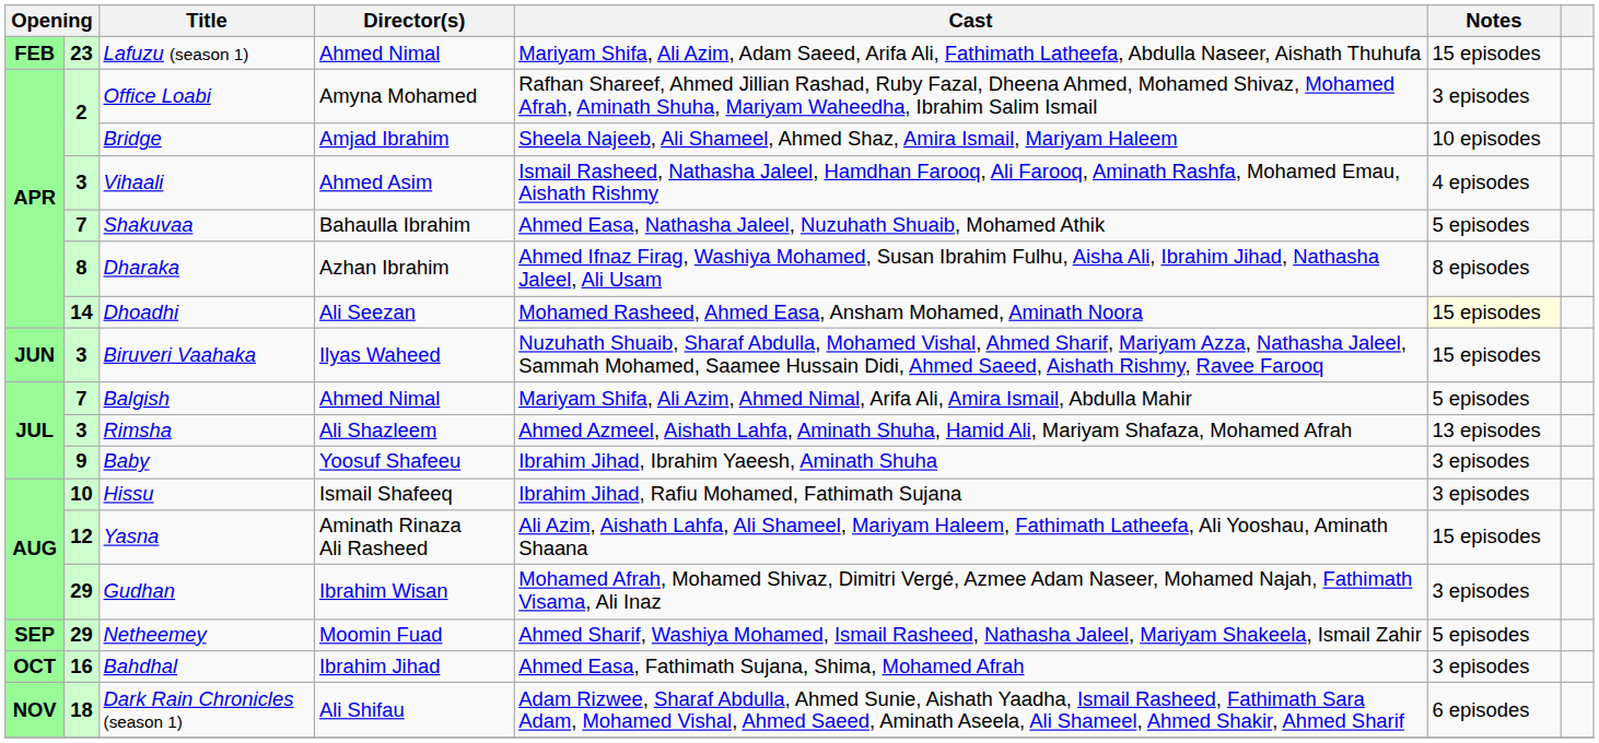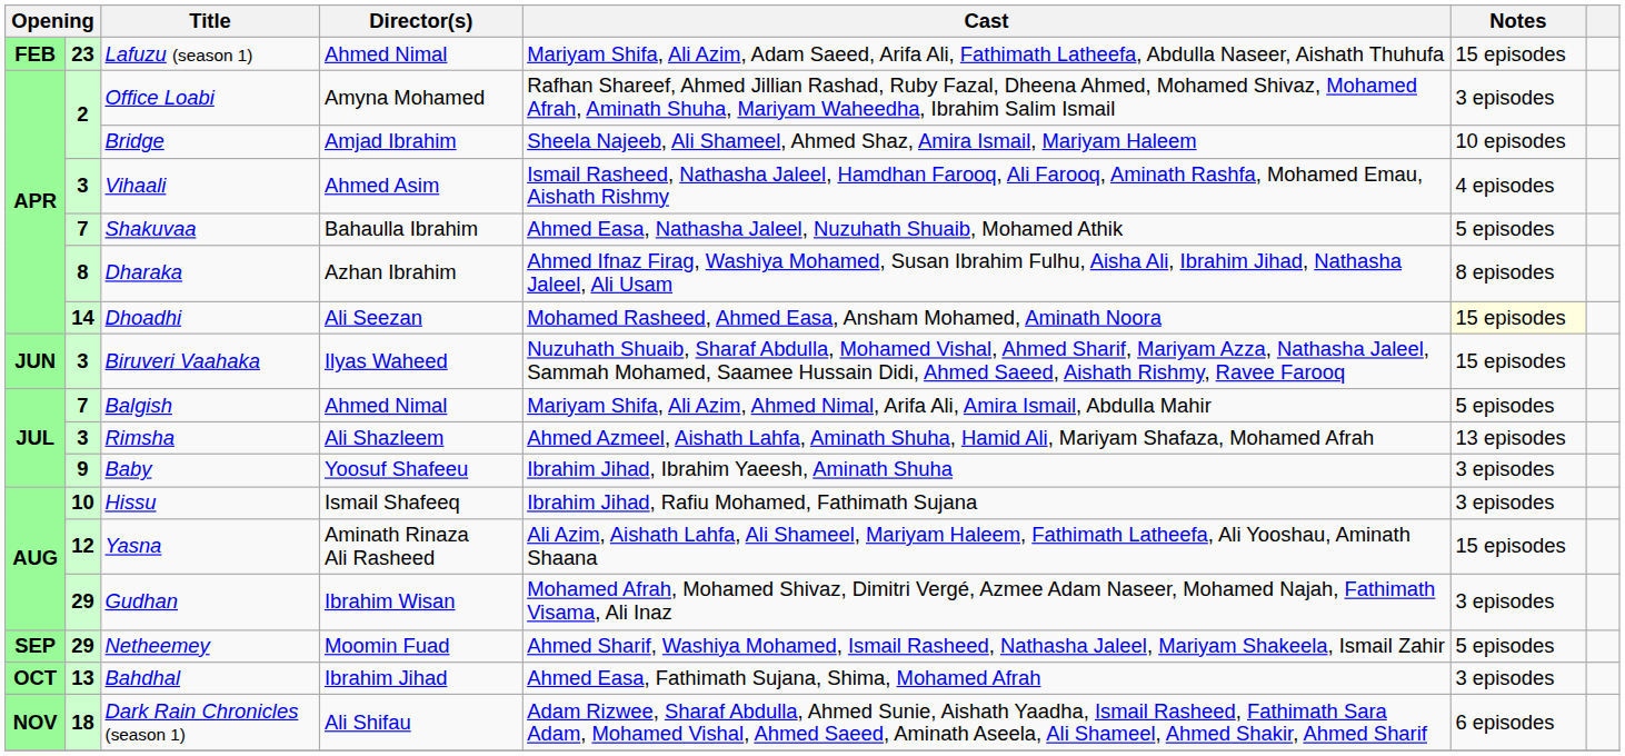 <table class="wikitable plainrowheaders" width="100%">
 <tr>
 <th scope="col" colspan="2" width=4%>Opening</th>
 <th scope="col" width=13%>Title</th>
 <th scope="col" width=12%>Director(s)</th>
 <th scope="col" width=55%>Cast</th>
 <th scope="col" width=8%>Notes</th>
 <th scope="col" width=2%></th>
 </tr>
 <tr>
 <td style="text-align:center; background:#98fb98; textcolor:#000;"><strong>FEB</strong></td>
 <td style="text-align:center; textcolor:#000; background:#cdfecd;"><strong>23</strong></td>
 <td><em><a href='#'>Lafuzu</a></em> <small>(season 1)</small></td>
 <td><a href='#'>Ahmed Nimal</a></td>
 <td><a href='#'>Mariyam Shifa</a>, <a href='#'>Ali Azim</a>, Adam Saeed, Arifa Ali, <a href='#'>Fathimath Latheefa</a>, Abdulla Naseer, Aishath Thuhufa</td>
 <td>15 episodes</td>
 <td style="text-align:center;"></td>
 </tr>
 <tr>
 <td rowspan="6" style="text-align:center; background:#98fb98; textcolor:#000;"><strong>APR</strong></td>
 <td rowspan="2" style="text-align:center; textcolor:#000; background:#cdfecd;"><strong>2</strong></td>
 <td><em><a href='#'>Office Loabi</a></em></td>
 <td>Amyna Mohamed</td>
 <td>Rafhan Shareef, Ahmed Jillian Rashad, Ruby Fazal, Dheena Ahmed, Mohamed Shivaz, <a href='#'>Mohamed Afrah</a>, <a href='#'>Aminath Shuha</a>, <a href='#'>Mariyam Waheedha</a>, Ibrahim Salim Ismail</td>
 <td>3 episodes</td>
 <td style="text-align:center;"></td>
 </tr>
 <tr>
 <td><em><a href='#'>Bridge</a></em></td>
 <td><a href='#'>Amjad Ibrahim</a></td>
 <td><a href='#'>Sheela Najeeb</a>, <a href='#'>Ali Shameel</a>, Ahmed Shaz, <a href='#'>Amira Ismail</a>, <a href='#'>Mariyam Haleem</a></td>
 <td>10 episodes</td>
 <td style="text-align:center;"></td>
 </tr>
 <tr>
 <td style="text-align:center; textcolor:#000; background:#cdfecd;"><strong>3</strong></td>
 <td><em><a href='#'>Vihaali</a></em></td>
 <td><a href='#'>Ahmed Asim</a></td>
 <td><a href='#'>Ismail Rasheed</a>, <a href='#'>Nathasha Jaleel</a>, <a href='#'>Hamdhan Farooq</a>, <a href='#'>Ali Farooq</a>, <a href='#'>Aminath Rashfa</a>, Mohamed Emau, <a href='#'>Aishath Rishmy</a></td>
 <td>4 episodes</td>
 <td style="text-align:center;"></td>
 </tr>
 <tr>
 <td style="text-align:center; textcolor:#000; background:#cdfecd;"><strong>7</strong></td>
 <td><em><a href='#'>Shakuvaa</a></em></td>
 <td>Bahaulla Ibrahim</td>
 <td><a href='#'>Ahmed Easa</a>, <a href='#'>Nathasha Jaleel</a>, <a href='#'>Nuzuhath Shuaib</a>, Mohamed Athik</td>
 <td>5 episodes</td>
 <td style="text-align:center;"></td>
 </tr>
 <tr>
 <td style="text-align:center; textcolor:#000; background:#cdfecd;"><strong>8</strong></td>
 <td><em><a href='#'>Dharaka</a></em></td>
 <td>Azhan Ibrahim</td>
 <td><a href='#'>Ahmed Ifnaz Firag</a>, <a href='#'>Washiya Mohamed</a>, Susan Ibrahim Fulhu, <a href='#'>Aisha Ali</a>, <a href='#'>Ibrahim Jihad</a>, <a href='#'>Nathasha Jaleel</a>, <a href='#'>Ali Usam</a></td>
 <td>8 episodes</td>
 <td style="text-align:center;"></td>
 </tr>
 <tr>
 <td style="text-align:center; textcolor:#000; background:#cdfecd;"><strong>14</strong></td>
 <td><em><a href='#'>Dhoadhi</a></em></td>
 <td><a href='#'>Ali Seezan</a></td>
 <td><a href='#'>Mohamed Rasheed</a>, <a href='#'>Ahmed Easa</a>, Ansham Mohamed, <a href='#'>Aminath Noora</a></td>
 <td style="background: lightyellow;">15 episodes</td>
 <td style="text-align:center;"></td>
 </tr>
 <tr>
 <td style="text-align:center; background:#98fb98; textcolor:#000;"><strong>JUN</strong></td>
 <td style="text-align:center; textcolor:#000; background:#cdfecd;"><strong>3</strong></td>
 <td><em><a href='#'>Biruveri Vaahaka</a></em></td>
 <td><a href='#'>Ilyas Waheed</a></td>
 <td><a href='#'>Nuzuhath Shuaib</a>, <a href='#'>Sharaf Abdulla</a>, <a href='#'>Mohamed Vishal</a>, <a href='#'>Ahmed Sharif</a>, <a href='#'>Mariyam Azza</a>, <a href='#'>Nathasha Jaleel</a>, Sammah Mohamed, Saamee Hussain Didi, <a href='#'>Ahmed Saeed</a>, <a href='#'>Aishath Rishmy</a>, <a href='#'>Ravee Farooq</a></td>
 <td>15 episodes</td>
 <td style="text-align:center;"></td>
 </tr>
 <tr>
 <td rowspan="3" style="text-align:center; background:#98fb98; textcolor:#000;"><strong>JUL</strong></td>
 <td style="text-align:center; textcolor:#000; background:#cdfecd;"><strong>7</strong></td>
 <td><em><a href='#'>Balgish</a></em></td>
 <td><a href='#'>Ahmed Nimal</a></td>
 <td><a href='#'>Mariyam Shifa</a>, <a href='#'>Ali Azim</a>, <a href='#'>Ahmed Nimal</a>, Arifa Ali, <a href='#'>Amira Ismail</a>, Abdulla Mahir</td>
 <td>5 episodes</td>
 <td style="text-align:center;"></td>
 </tr>
 <tr>
 <td style="text-align:center; textcolor:#000; background:#cdfecd;"><strong>3</strong></td>
 <td><em><a href='#'>Rimsha</a></em></td>
 <td><a href='#'>Ali Shazleem</a></td>
 <td><a href='#'>Ahmed Azmeel</a>, <a href='#'>Aishath Lahfa</a>, <a href='#'>Aminath Shuha</a>, <a href='#'>Hamid Ali</a>, Mariyam Shafaza, Mohamed Afrah</td>
 <td>13 episodes</td>
 <td style="text-align:center;"></td>
 </tr>
 <tr>
 <td style="text-align:center; textcolor:#000; background:#cdfecd;"><strong>9</strong></td>
 <td><em><a href='#'>Baby</a></em></td>
 <td><a href='#'>Yoosuf Shafeeu</a></td>
 <td><a href='#'>Ibrahim Jihad</a>, Ibrahim Yaeesh, <a href='#'>Aminath Shuha</a></td>
 <td>3 episodes</td>
 <td style="text-align:center;"></td>
 </tr>
 <tr>
 <td rowspan="3" style="text-align:center; background:#98fb98; textcolor:#000;"><strong>AUG</strong></td>
 <td style="text-align:center; textcolor:#000; background:#cdfecd;"><strong>10</strong></td>
 <td><em><a href='#'>Hissu</a></em></td>
 <td>Ismail Shafeeq</td>
 <td><a href='#'>Ibrahim Jihad</a>, Rafiu Mohamed, Fathimath Sujana</td>
 <td>3 episodes</td>
 <td style="text-align:center;"></td>
 </tr>
 <tr>
 <td style="text-align:center; textcolor:#000; background:#cdfecd;"><strong>12</strong></td>
 <td><em><a href='#'>Yasna</a></em></td>
 <td>Aminath Rinaza<br>Ali Rasheed</td>
 <td><a href='#'>Ali Azim</a>, <a href='#'>Aishath Lahfa</a>, <a href='#'>Ali Shameel</a>, <a href='#'>Mariyam Haleem</a>, <a href='#'>Fathimath Latheefa</a>, Ali Yooshau, Aminath Shaana</td>
 <td>15 episodes</td>
 <td style="text-align:center;"></td>
 </tr>
 <tr>
 <td style="text-align:center; textcolor:#000; background:#cdfecd;"><strong>29</strong></td>
 <td><em><a href='#'>Gudhan</a></em></td>
 <td><a href='#'>Ibrahim Wisan</a></td>
 <td><a href='#'>Mohamed Afrah</a>, Mohamed Shivaz, Dimitri Vergé, Azmee Adam Naseer, Mohamed Najah, <a href='#'>Fathimath Visama</a>, Ali Inaz</td>
 <td>3 episodes</td>
 <td style="text-align:center;"></td>
 </tr>
 <tr>
 <td style="text-align:center; background:#98fb98; textcolor:#000;"><strong>SEP</strong></td>
 <td style="text-align:center; textcolor:#000; background:#cdfecd;"><strong>29</strong></td>
 <td><em><a href='#'>Netheemey</a></em></td>
 <td><a href='#'>Moomin Fuad</a></td>
 <td><a href='#'>Ahmed Sharif</a>, <a href='#'>Washiya Mohamed</a>, <a href='#'>Ismail Rasheed</a>, <a href='#'>Nathasha Jaleel</a>, <a href='#'>Mariyam Shakeela</a>, Ismail Zahir</td>
 <td>5 episodes</td>
 <td style="text-align:center;"></td>
 </tr>
 <tr>
 <td style="text-align:center; background:#98fb98; textcolor:#000;"><strong>OCT</strong></td>
-<td style="text-align:center; textcolor:#000; background:#cdfecd;"><strong>16</strong></td>
+<td style="text-align:center; textcolor:#000; background:#cdfecd;"><strong>13</strong></td>
 <td><em><a href='#'>Bahdhal</a></em></td>
 <td><a href='#'>Ibrahim Jihad</a></td>
 <td><a href='#'>Ahmed Easa</a>, Fathimath Sujana, Shima, <a href='#'>Mohamed Afrah</a></td>
 <td>3 episodes</td>
 <td style="text-align:center;"></td>
 </tr>
 <tr>
 <td style="text-align:center; background:#98fb98; textcolor:#000;"><strong>NOV</strong></td>
 <td style="text-align:center; textcolor:#000; background:#cdfecd;"><strong>18</strong></td>
 <td><em><a href='#'>Dark Rain Chronicles</a></em><br><small>(season 1)</small></td>
 <td><a href='#'>Ali Shifau</a></td>
 <td><a href='#'>Adam Rizwee</a>, <a href='#'>Sharaf Abdulla</a>, Ahmed Sunie, Aishath Yaadha, <a href='#'>Ismail Rasheed</a>, <a href='#'>Fathimath Sara Adam</a>, <a href='#'>Mohamed Vishal</a>, <a href='#'>Ahmed Saeed</a>, Aminath Aseela, <a href='#'>Ali Shameel</a>, <a href='#'>Ahmed Shakir</a>, <a href='#'>Ahmed Sharif</a></td>
 <td>6 episodes</td>
 <td style="text-align:center;"></td>
 </tr>
 <tr>
 </tr>
 </table>
